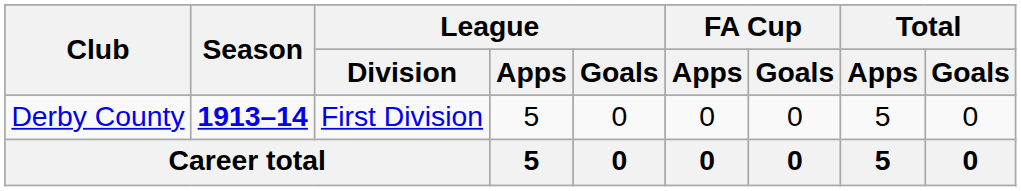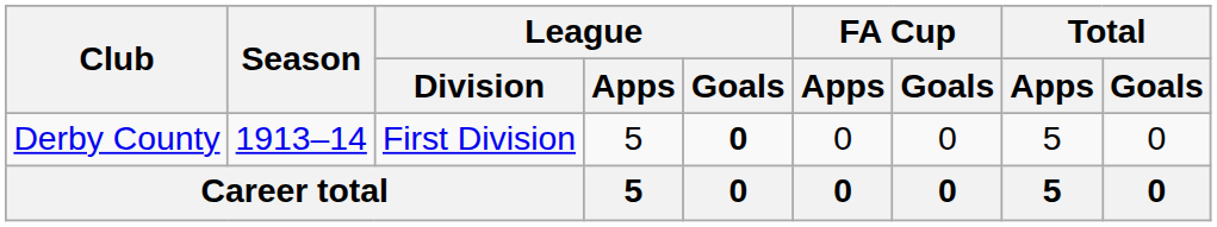 <table class="wikitable" style="text-align:center;">
 <tr>
 <th rowspan="2">Club</th>
 <th rowspan="2">Season</th>
 <th colspan="3">League</th>
 <th colspan="2">FA Cup</th>
 <th colspan="2">Total</th>
 </tr>
 <tr>
 <th>Division</th>
 <th>Apps</th>
 <th>Goals</th>
 <th>Apps</th>
 <th>Goals</th>
 <th>Apps</th>
 <th>Goals</th>
 </tr>
 <tr>
 <td><a href='#'>Derby County</a></td>
-<td><strong><a href='#'>1913–14</a></strong></td>
+<td><a href='#'>1913–14</a></td>
 <td><a href='#'>First Division</a></td>
 <td>5</td>
-<td>0</td>
+<td><strong>0</strong></td>
 <td>0</td>
 <td>0</td>
 <td>5</td>
 <td>0</td>
 </tr>
 <tr>
 <th colspan="3">Career total</th>
 <th>5</th>
 <th>0</th>
 <th>0</th>
 <th>0</th>
 <th>5</th>
 <th>0</th>
 </tr>
 </table>
